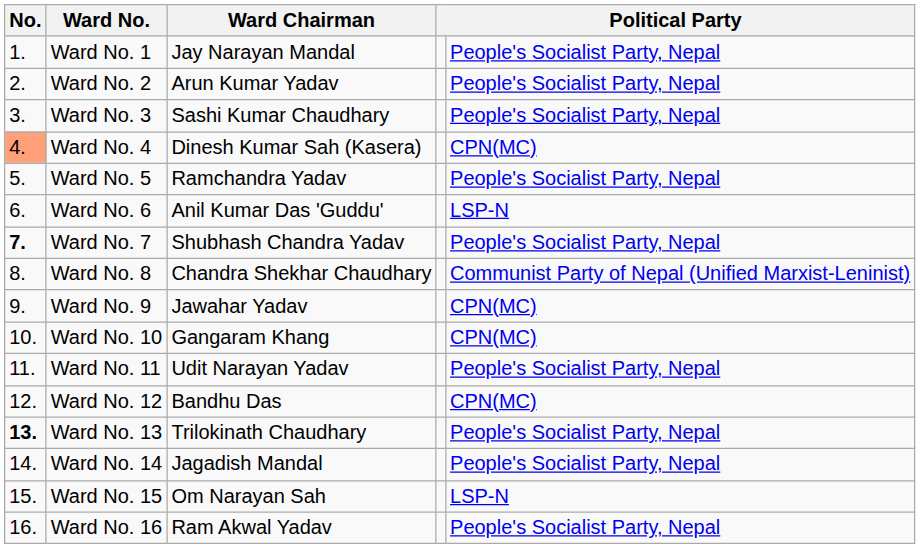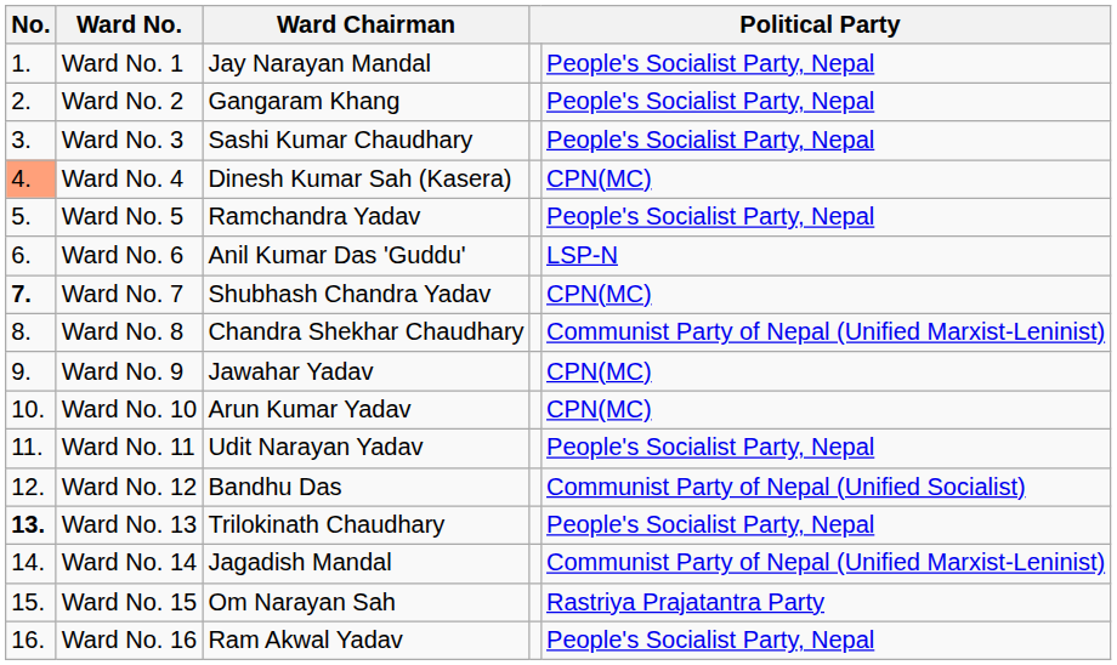 <table class="wikitable sortable">
 <tr>
 <th>No.</th>
 <th>Ward No.</th>
 <th>Ward Chairman</th>
 <th colspan="2">Political Party</th>
 </tr>
 <tr>
 <td>1.</td>
 <td>Ward No. 1</td>
 <td>Jay Narayan Mandal</td>
 <td style="background-color:"></td>
 <td><a href='#'>People's Socialist Party, Nepal</a></td>
 </tr>
 <tr>
 <td>2.</td>
 <td>Ward No. 2</td>
-<td>Arun Kumar Yadav</td>
+<td>Gangaram Khang</td>
 <td style="background-color:"></td>
 <td><a href='#'>People's Socialist Party, Nepal</a></td>
 </tr>
 <tr>
 <td>3.</td>
 <td>Ward No. 3</td>
 <td>Sashi Kumar Chaudhary</td>
 <td style="background-color:"></td>
 <td><a href='#'>People's Socialist Party, Nepal</a></td>
 </tr>
 <tr>
 <td style="background: lightsalmon;">4.</td>
 <td>Ward No. 4</td>
 <td>Dinesh Kumar Sah (Kasera)</td>
 <td style="background-color:"></td>
 <td><a href='#'>CPN(MC)</a></td>
 </tr>
 <tr>
 <td>5.</td>
 <td>Ward No. 5</td>
 <td>Ramchandra Yadav</td>
 <td style="background-color:"></td>
 <td><a href='#'>People's Socialist Party, Nepal</a></td>
 </tr>
 <tr>
 <td>6.</td>
 <td>Ward No. 6</td>
 <td>Anil Kumar Das 'Guddu'</td>
 <td style="background-color:"></td>
 <td><a href='#'>LSP-N</a></td>
 </tr>
 <tr>
 <td><strong>7.</strong></td>
 <td>Ward No. 7</td>
 <td>Shubhash Chandra Yadav</td>
 <td style="background-color:"></td>
-<td><a href='#'>People's Socialist Party, Nepal</a></td>
+<td><a href='#'>CPN(MC)</a></td>
 </tr>
 <tr>
 <td>8.</td>
 <td>Ward No. 8</td>
 <td>Chandra Shekhar Chaudhary</td>
 <td style="background-color:"></td>
 <td><a href='#'>Communist Party of Nepal (Unified Marxist-Leninist)</a></td>
 </tr>
 <tr>
 <td>9.</td>
 <td>Ward No. 9</td>
 <td>Jawahar Yadav</td>
 <td style="background-color:"></td>
 <td><a href='#'>CPN(MC)</a></td>
 </tr>
 <tr>
 <td>10.</td>
 <td>Ward No. 10</td>
-<td>Gangaram Khang</td>
+<td>Arun Kumar Yadav</td>
 <td style="background-color:"></td>
 <td><a href='#'>CPN(MC)</a></td>
 </tr>
 <tr>
 <td>11.</td>
 <td>Ward No. 11</td>
 <td>Udit Narayan Yadav</td>
 <td style="background-color:"></td>
 <td><a href='#'>People's Socialist Party, Nepal</a></td>
 </tr>
 <tr>
 <td>12.</td>
 <td>Ward No. 12</td>
 <td>Bandhu Das</td>
 <td style="background-color:"></td>
-<td><a href='#'>CPN(MC)</a></td>
+<td><a href='#'>Communist Party of Nepal (Unified Socialist)</a></td>
 </tr>
 <tr>
 <td><strong>13.</strong></td>
 <td>Ward No. 13</td>
 <td>Trilokinath Chaudhary</td>
 <td style="background-color:"></td>
 <td><a href='#'>People's Socialist Party, Nepal</a></td>
 </tr>
 <tr>
 <td>14.</td>
 <td>Ward No. 14</td>
 <td>Jagadish Mandal</td>
 <td style="background-color:"></td>
-<td><a href='#'>People's Socialist Party, Nepal</a></td>
+<td><a href='#'>Communist Party of Nepal (Unified Marxist-Leninist)</a></td>
 </tr>
 <tr>
 <td>15.</td>
 <td>Ward No. 15</td>
 <td>Om Narayan Sah</td>
 <td style="background-color:"></td>
-<td><a href='#'>LSP-N</a></td>
+<td><a href='#'>Rastriya Prajatantra Party</a></td>
 </tr>
 <tr>
 <td>16.</td>
 <td>Ward No. 16</td>
 <td>Ram Akwal Yadav</td>
 <td style="background-color:"></td>
 <td><a href='#'>People's Socialist Party, Nepal</a></td>
 </tr>
 </table>
